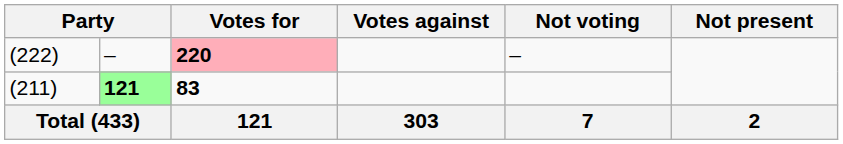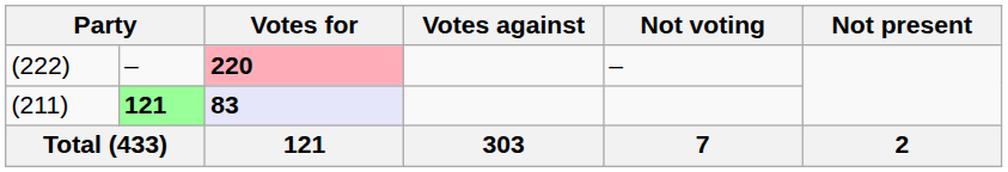 <table class="wikitable" style="width:50%;">
 <tr>
 <th colspan="2">Party</th>
 <th style="width:20%;">Votes for</th>
 <th style="width:20%;">Votes against</th>
 <th style="width:20%;">Not voting</th>
 <th style="width:20%;">Not present</th>
 </tr>
 <tr>
 <td> (222)</td>
 <td>–</td>
 <td style="background-color:#ffaeb9;"><strong>220</strong></td>
 <td></td>
 <td>–</td>
 </tr>
 <tr>
 <td> (211)</td>
 <td style="background-color:#9f9;"><strong>121</strong></td>
-<td><strong>83</strong></td>
+<td style="background: lavender;"><strong>83</strong></td>
 <td></td>
 <td></td>
 </tr>
 <tr>
 <th colspan="2">Total (433)</th>
 <th>121</th>
 <th>303</th>
 <th>7</th>
 <th>2</th>
 </tr>
 </table>
